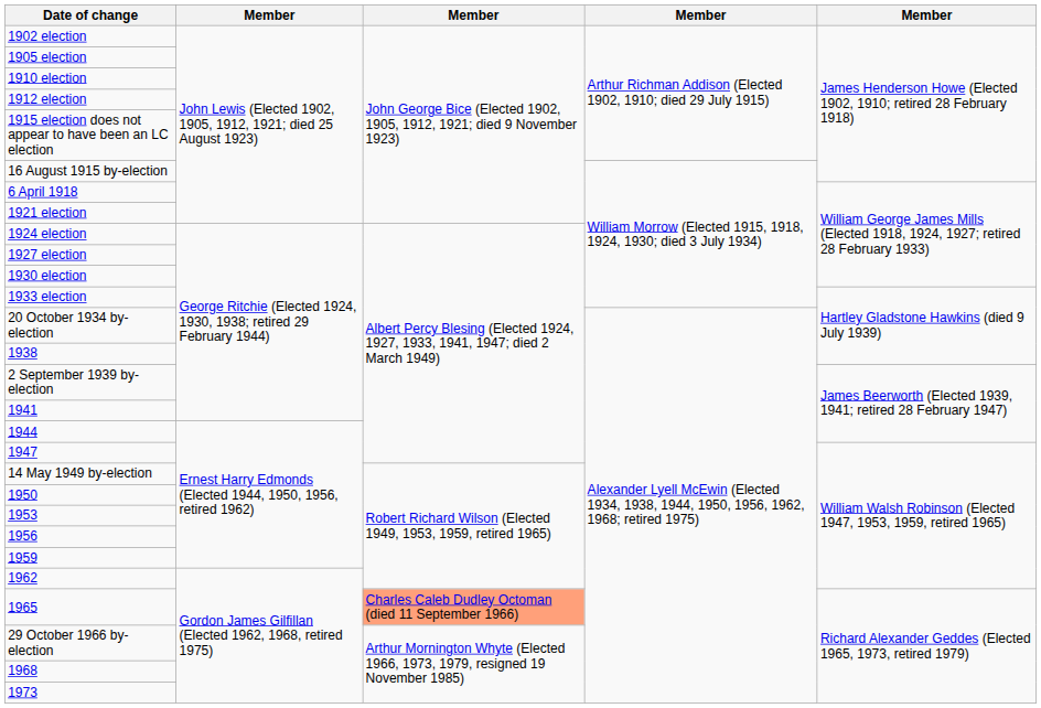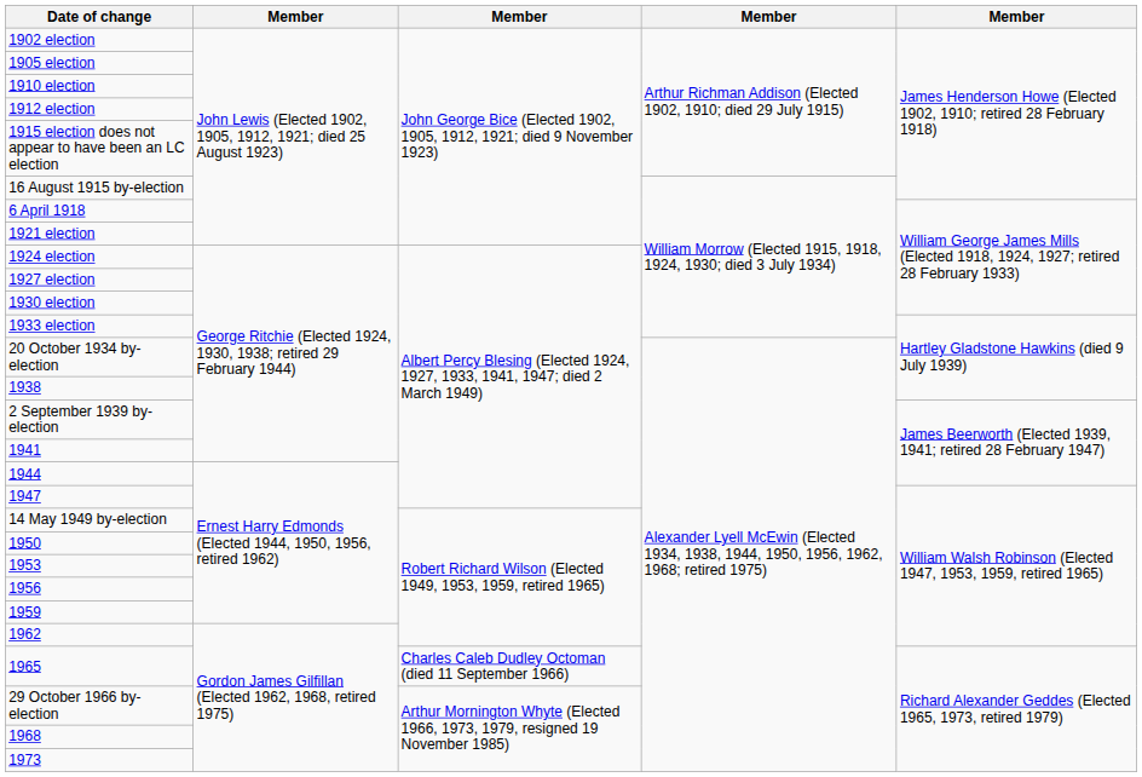 <table class="wikitable">
 <tr>
 <th>Date of change</th>
 <th>Member</th>
 <th>Member</th>
 <th>Member</th>
 <th>Member</th>
 </tr>
 <tr>
 <td><a href='#'>1902 election</a></td>
 <td rowspan=8><a href='#'>John Lewis</a> (Elected 1902, 1905, 1912, 1921; died 25 August 1923)</td>
 <td rowspan=8><a href='#'>John George Bice</a> (Elected 1902, 1905, 1912, 1921; died 9 November 1923)</td>
 <td rowspan=5><a href='#'>Arthur Richman Addison</a> (Elected 1902, 1910; died 29 July 1915)</td>
 <td rowspan=6><a href='#'>James Henderson Howe</a> (Elected 1902, 1910; retired 28 February 1918)</td>
 </tr>
 <tr>
 <td><a href='#'>1905 election</a></td>
 </tr>
 <tr>
 <td><a href='#'>1910 election</a></td>
 </tr>
 <tr>
 <td><a href='#'>1912 election</a></td>
 </tr>
 <tr>
 <td><a href='#'>1915 election</a> does not appear to have been an LC election</td>
 </tr>
 <tr>
 <td>16 August 1915 by-election</td>
 <td rowspan=7><a href='#'>William Morrow</a> (Elected 1915, 1918, 1924, 1930; died 3 July 1934)</td>
 </tr>
 <tr>
 <td><a href='#'>6 April 1918</a></td>
 <td rowspan=5><a href='#'>William George James Mills</a> (Elected 1918, 1924, 1927; retired 28 February 1933)</td>
 </tr>
 <tr>
 <td><a href='#'>1921 election</a></td>
 </tr>
 <tr>
 <td><a href='#'>1924 election</a></td>
 <td rowspan=8><a href='#'>George Ritchie</a> (Elected 1924, 1930, 1938; retired 29 February 1944)</td>
 <td rowspan=10><a href='#'>Albert Percy Blesing</a> (Elected 1924, 1927, 1933, 1941, 1947; died 2 March 1949)</td>
 </tr>
 <tr>
 <td><a href='#'>1927 election</a></td>
 </tr>
 <tr>
 <td><a href='#'>1930 election</a></td>
 </tr>
 <tr>
 <td><a href='#'>1933 election</a></td>
 <td rowspan=3><a href='#'>Hartley Gladstone Hawkins</a> (died 9 July 1939)</td>
 </tr>
 <tr>
 <td>20 October 1934 by-election</td>
 <td rowspan=16><a href='#'>Alexander Lyell McEwin</a> (Elected 1934, 1938, 1944, 1950, 1956, 1962, 1968; retired 1975)</td>
 </tr>
 <tr>
 <td><a href='#'>1938</a></td>
 </tr>
 <tr>
 <td>2 September 1939 by-election</td>
 <td rowspan=3><a href='#'>James Beerworth</a> (Elected 1939, 1941; retired 28 February 1947)</td>
 </tr>
 <tr>
 <td><a href='#'>1941</a></td>
 </tr>
 <tr>
 <td><a href='#'>1944</a></td>
 <td rowspan=7><a href='#'>Ernest Harry Edmonds</a> (Elected 1944, 1950, 1956, retired 1962)</td>
 </tr>
 <tr>
 <td><a href='#'>1947</a></td>
 <td rowspan=7><a href='#'>William Walsh Robinson</a> (Elected 1947, 1953, 1959, retired 1965)</td>
 </tr>
 <tr>
 <td>14 May 1949 by-election</td>
 <td rowspan=6><a href='#'>Robert Richard Wilson</a> (Elected 1949, 1953, 1959, retired 1965)</td>
 </tr>
 <tr>
 <td><a href='#'>1950</a></td>
 </tr>
 <tr>
 <td><a href='#'>1953</a></td>
 </tr>
 <tr>
 <td><a href='#'>1956</a></td>
 </tr>
 <tr>
 <td><a href='#'>1959</a></td>
 </tr>
 <tr>
 <td><a href='#'>1962</a></td>
 <td rowspan=5><a href='#'>Gordon James Gilfillan</a> (Elected 1962, 1968, retired 1975)</td>
 </tr>
 <tr>
 <td><a href='#'>1965</a></td>
-<td rowspan=1 style="background: lightsalmon;"><a href='#'>Charles Caleb Dudley Octoman</a> (died 11 September 1966)</td>
+<td rowspan=1><a href='#'>Charles Caleb Dudley Octoman</a> (died 11 September 1966)</td>
 <td rowspan=4><a href='#'>Richard Alexander Geddes</a> (Elected 1965, 1973, retired 1979)</td>
 </tr>
 <tr>
 <td>29 October 1966 by-election</td>
 <td rowspan=3><a href='#'>Arthur Mornington Whyte</a> (Elected 1966, 1973, 1979, resigned 19 November 1985)</td>
 </tr>
 <tr>
 <td><a href='#'>1968</a></td>
 </tr>
 <tr>
 <td><a href='#'>1973</a></td>
 </tr>
 </table>
